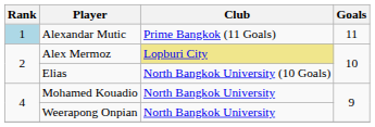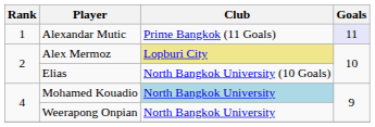 <table class="wikitable" style="text-align:center">
 <tr>
 <th>Rank</th>
 <th>Player</th>
 <th>Club</th>
 <th>Goals</th>
 </tr>
 <tr>
-<td style="background: lightblue;">1</td>
+<td>1</td>
 <td align="left"> Alexandar Mutic</td>
 <td align="left"><a href='#'>Prime Bangkok</a> (11 Goals)</td>
-<td>11</td>
+<td style="background: lavender;">11</td>
 </tr>
 <tr>
 <td rowspan="2">2</td>
 <td align="left"> Alex Mermoz</td>
 <td align="left" style="background: khaki;"><a href='#'>Lopburi City</a></td>
 <td rowspan="2">10</td>
 </tr>
 <tr>
 <td align="left"> Elias</td>
 <td align="left"><a href='#'>North Bangkok University</a> (10 Goals)</td>
 </tr>
 <tr>
 <td rowspan="2">4</td>
 <td align="left"> Mohamed Kouadio</td>
-<td align="left"><a href='#'>North Bangkok University</a></td>
+<td align="left" style="background: lightblue;"><a href='#'>North Bangkok University</a></td>
 <td rowspan="2">9</td>
 </tr>
 <tr>
 <td align="left"> Weerapong Onpian</td>
 <td align="left"><a href='#'>North Bangkok University</a></td>
 </tr>
 <tr>
 </tr>
 </table>
